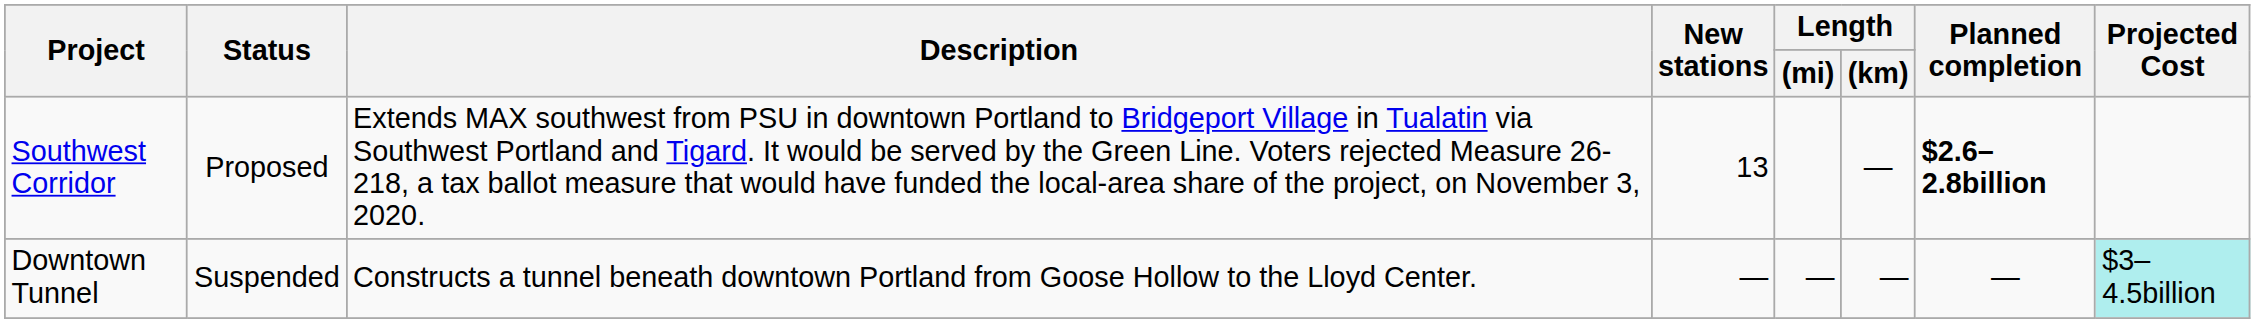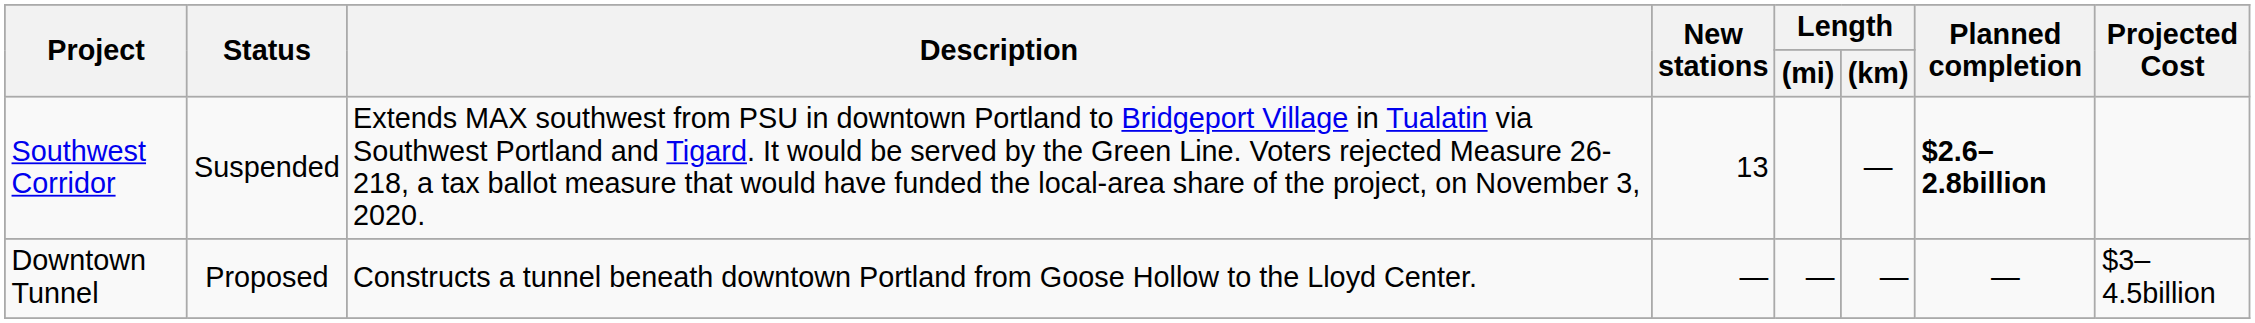 <table class="wikitable sortable">
 <tr>
 <th scope="col" rowspan=2 class=unsortable>Project</th>
 <th scope="col" rowspan=2>Status</th>
 <th scope="col" rowspan=2 class=unsortable>Description</th>
 <th scope="col" rowspan=2>New<br>stations</th>
 <th scope="col" colspan=2>Length</th>
 <th scope="col" rowspan=2>Planned<br>completion</th>
 <th scope="col" rowspan=2>Projected<br>Cost</th>
 </tr>
 <tr>
 <th scope="col">(mi)</th>
 <th scope="col">(km)</th>
 </tr>
 <tr>
 <td scope="row"><a href='#'>Southwest Corridor</a></td>
-<td style="text-align:center;">Proposed</td>
+<td style="text-align:center;">Suspended</td>
 <td>Extends MAX southwest from PSU in downtown Portland to <a href='#'>Bridgeport Village</a> in <a href='#'>Tualatin</a> via Southwest Portland and <a href='#'>Tigard</a>. It would be served by the Green Line. Voters rejected Measure 26-218, a tax ballot measure that would have funded the local-area share of the project, on November 3, 2020.</td>
 <td style="text-align:right;">13</td>
 <td></td>
 <td style="text-align:center;">—</td>
 <td><strong>$2.6–2.8billion</strong></td>
 </tr>
 <tr>
 <td scope="row">Downtown Tunnel</td>
-<td style="text-align:center;">Suspended</td>
+<td style="text-align:center;">Proposed</td>
 <td>Constructs a tunnel beneath downtown Portland from Goose Hollow to the Lloyd Center.</td>
 <td style="text-align:right;">—</td>
 <td style="text-align:right;">—</td>
 <td style="text-align:right;">—</td>
 <td style="text-align:center;">—</td>
-<td style="background: paleturquoise;">$3–4.5billion</td>
+<td>$3–4.5billion</td>
 </tr>
 </table>
